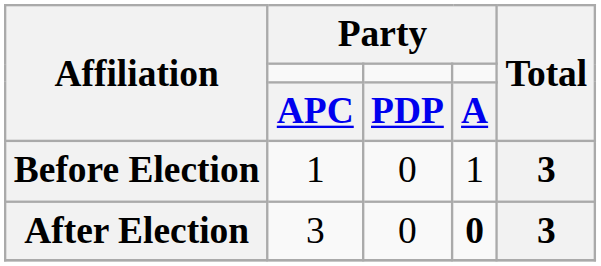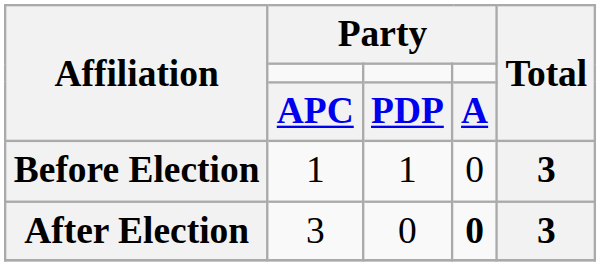 <table class="wikitable" style="text-align:center">
 <tr>
 <th rowspan="3">Affiliation</th>
 <th colspan="3">Party</th>
 <th rowspan="3">Total</th>
 </tr>
 <tr>
 <td style="background-color:"></td>
 <td style="background-color:"></td>
 <td style="background-color:"></td>
 </tr>
 <tr>
 <th><a href='#'>APC</a></th>
 <th><a href='#'>PDP</a></th>
 <th><a href='#'>A</a></th>
 </tr>
 <tr>
 <th>Before Election</th>
 <td>1</td>
+<td>1</td>
 <td>0</td>
-<td>1</td>
 <th>3</th>
 </tr>
 <tr>
 <th>After Election</th>
 <td>3</td>
 <td>0</td>
 <td><strong>0</strong></td>
 <th>3</th>
 </tr>
 <tr>
 </tr>
 </table>
